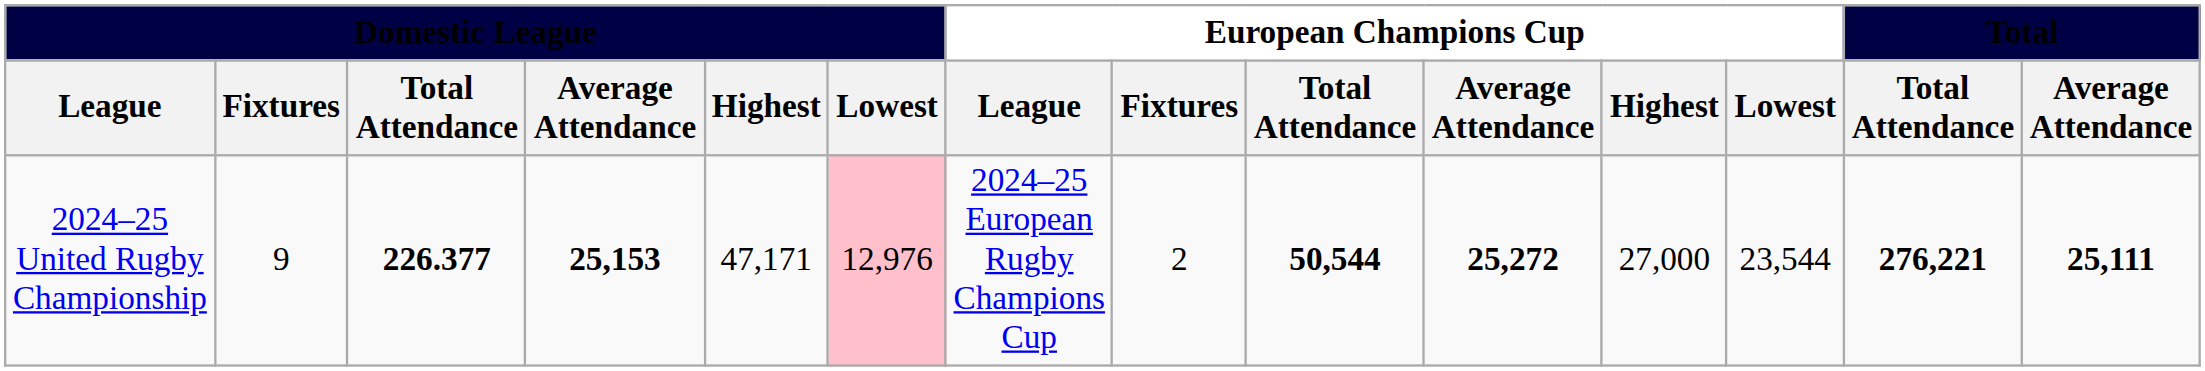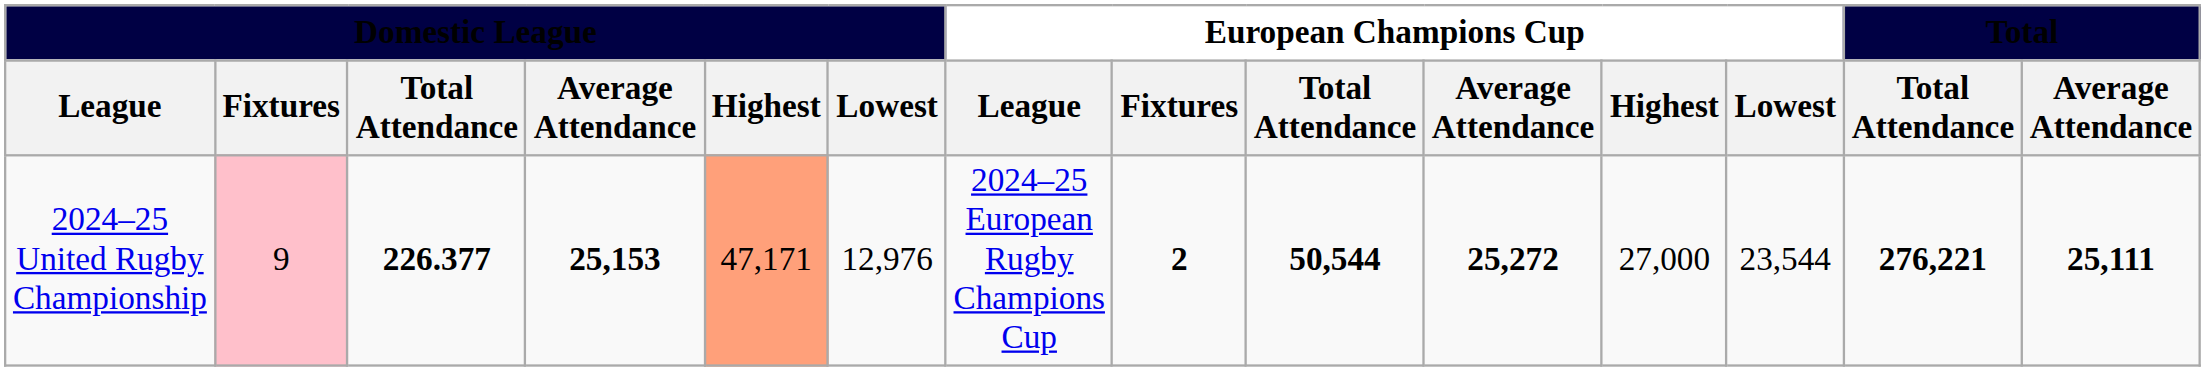 <table class="wikitable sortable" style="font-size:90%; width:90%;">
 <tr>
 <td colspan="6" class="wikitable sortable" style="width:45%; background:#000044; text-align:center;"><span><strong>Domestic League</strong></span></td>
 <td colspan="6" class="wikitable sortable" style="width:45%; background:#ffffff; text-align:center;"><span><strong>European Champions Cup</strong></span></td>
 <td colspan="2" class="wikitable sortable" style="width:45%; background:#000044; text-align:center;"><span><strong>Total</strong></span></td>
 </tr>
 <tr>
 <th style="width:15%;">League</th>
 <th style="width:5%;">Fixtures</th>
 <th style="width:10%;">Total Attendance</th>
 <th style="width:10%;">Average Attendance</th>
 <th style="width:10%;">Highest</th>
 <th style="width:10%;">Lowest</th>
 <th style="width:15%;">League</th>
 <th style="width:5%;">Fixtures</th>
 <th style="width:10%;">Total Attendance</th>
 <th style="width:10%;">Average Attendance</th>
 <th style="width:10%;">Highest</th>
 <th style="width:10%;">Lowest</th>
 <th style="width:10%;">Total Attendance</th>
 <th style="width:10%;"><strong>Average Attendance</strong></th>
 </tr>
 <tr>
 <td align="center"><a href='#'>2024–25 United Rugby Championship</a></td>
-<td align="center">9</td>
+<td align="center" style="background: pink;">9</td>
 <td align="center"><strong>226.377</strong></td>
 <td align=center><strong>25,153</strong></td>
-<td align="center">47,171</td>
-<td align="center" style="background: pink;">12,976</td>
+<td align="center" style="background: lightsalmon;">47,171</td>
+<td align="center">12,976</td>
 <td align="center"><a href='#'>2024–25 European Rugby Champions Cup</a></td>
-<td align="center">2</td>
+<td align="center"><strong>2</strong></td>
 <td align=center><strong>50,544</strong></td>
 <td align="center"><strong>25,272</strong></td>
 <td align="center">27,000</td>
 <td align="center">23,544</td>
 <td align="center"><strong>276,221</strong></td>
 <td align="center"><strong>25,111</strong></td>
 </tr>
 </table>
